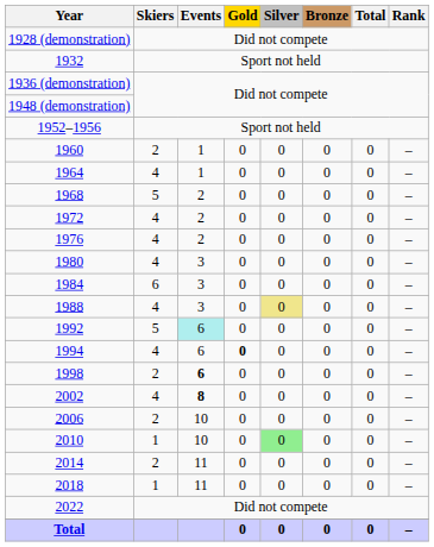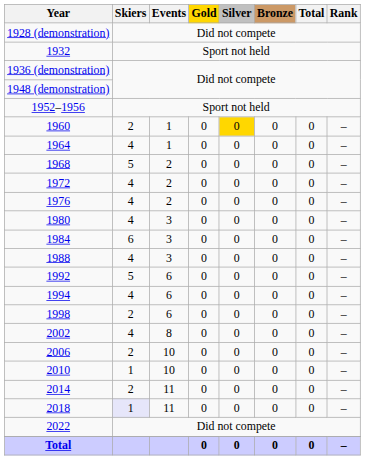 <table class="wikitable sortable collapsible collapsed">
 <tr>
 <th>Year</th>
 <th>Skiers</th>
 <th>Events</th>
 <th style="text-align:center; background-color:gold;"><strong>Gold</strong></th>
 <th style="text-align:center; background-color:silver;"><strong>Silver</strong></th>
 <th style="text-align:center; background-color:#c96;"><strong>Bronze</strong></th>
 <th>Total</th>
 <th>Rank</th>
 </tr>
 <tr style="text-align:center">
 <td><a href='#'>1928 (demonstration)</a></td>
 <td colspan=7>Did not compete</td>
 </tr>
 <tr style="text-align:center">
 <td><a href='#'>1932</a></td>
 <td colspan=7>Sport not held</td>
 </tr>
 <tr style="text-align:center">
 <td><a href='#'>1936 (demonstration)</a></td>
 <td colspan=7 rowspan=2>Did not compete</td>
 </tr>
 <tr style="text-align:center">
 <td><a href='#'>1948 (demonstration)</a></td>
 </tr>
 <tr style="text-align:center">
 <td><a href='#'>1952</a>–<a href='#'>1956</a></td>
 <td colspan=7>Sport not held</td>
 </tr>
 <tr style="text-align:center">
 <td><a href='#'>1960</a></td>
 <td>2</td>
 <td>1</td>
 <td>0</td>
-<td>0</td>
+<td style="background: gold;">0</td>
 <td>0</td>
 <td>0</td>
 <td>–</td>
 </tr>
 <tr style="text-align:center">
 <td><a href='#'>1964</a></td>
 <td>4</td>
 <td>1</td>
 <td>0</td>
 <td>0</td>
 <td>0</td>
 <td>0</td>
 <td>–</td>
 </tr>
 <tr style="text-align:center">
 <td><a href='#'>1968</a></td>
 <td>5</td>
 <td>2</td>
 <td>0</td>
 <td>0</td>
 <td>0</td>
 <td>0</td>
 <td>–</td>
 </tr>
 <tr style="text-align:center">
 <td><a href='#'>1972</a></td>
 <td>4</td>
 <td>2</td>
 <td>0</td>
 <td>0</td>
 <td>0</td>
 <td>0</td>
 <td>–</td>
 </tr>
 <tr style="text-align:center">
 <td><a href='#'>1976</a></td>
 <td>4</td>
 <td>2</td>
 <td>0</td>
 <td>0</td>
 <td>0</td>
 <td>0</td>
 <td>–</td>
 </tr>
 <tr style="text-align:center">
 <td><a href='#'>1980</a></td>
 <td>4</td>
 <td>3</td>
 <td>0</td>
 <td>0</td>
 <td>0</td>
 <td>0</td>
 <td>–</td>
 </tr>
 <tr style="text-align:center">
 <td><a href='#'>1984</a></td>
 <td>6</td>
 <td>3</td>
 <td>0</td>
 <td>0</td>
 <td>0</td>
 <td>0</td>
 <td>–</td>
 </tr>
 <tr style="text-align:center">
 <td><a href='#'>1988</a></td>
 <td>4</td>
 <td>3</td>
 <td>0</td>
-<td style="background: khaki;">0</td>
+<td>0</td>
 <td>0</td>
 <td>0</td>
 <td>–</td>
 </tr>
 <tr style="text-align:center">
 <td><a href='#'>1992</a></td>
 <td>5</td>
-<td style="background: paleturquoise;">6</td>
+<td>6</td>
 <td>0</td>
 <td>0</td>
 <td>0</td>
 <td>0</td>
 <td>–</td>
 </tr>
 <tr style="text-align:center">
 <td><a href='#'>1994</a></td>
 <td>4</td>
 <td>6</td>
-<td><strong>0</strong></td>
+<td>0</td>
 <td>0</td>
 <td>0</td>
 <td>0</td>
 <td>–</td>
 </tr>
 <tr style="text-align:center">
 <td><a href='#'>1998</a></td>
 <td>2</td>
-<td><strong>6</strong></td>
+<td>6</td>
 <td>0</td>
 <td>0</td>
 <td>0</td>
 <td>0</td>
 <td>–</td>
 </tr>
 <tr style="text-align:center">
 <td><a href='#'>2002</a></td>
 <td>4</td>
-<td><strong>8</strong></td>
+<td>8</td>
 <td>0</td>
 <td>0</td>
 <td>0</td>
 <td>0</td>
 <td>–</td>
 </tr>
 <tr style="text-align:center">
 <td><a href='#'>2006</a></td>
 <td>2</td>
 <td>10</td>
 <td>0</td>
 <td>0</td>
 <td>0</td>
 <td>0</td>
 <td>–</td>
 </tr>
 <tr style="text-align:center">
 <td><a href='#'>2010</a></td>
 <td>1</td>
 <td>10</td>
 <td>0</td>
-<td style="background: lightgreen;">0</td>
+<td>0</td>
 <td>0</td>
 <td>0</td>
 <td>–</td>
 </tr>
 <tr style="text-align:center">
 <td><a href='#'>2014</a></td>
 <td>2</td>
 <td>11</td>
 <td>0</td>
 <td>0</td>
 <td>0</td>
 <td>0</td>
 <td>–</td>
 </tr>
 <tr style="text-align:center">
 <td><a href='#'>2018</a></td>
-<td>1</td>
+<td style="background: lavender;">1</td>
 <td>11</td>
 <td>0</td>
 <td>0</td>
 <td>0</td>
 <td>0</td>
 <td>–</td>
 </tr>
 <tr style="text-align:center">
 <td><a href='#'>2022</a></td>
 <td colspan=7 rowspan=1>Did not compete</td>
 </tr>
 <tr>
 </tr>
 <tr style="text-align:center; background-color:#ccf;">
 <td><strong><a href='#'>Total</a></strong></td>
 <td></td>
 <td></td>
 <td><strong>0</strong></td>
 <td><strong>0</strong></td>
 <td><strong>0</strong></td>
 <td><strong>0</strong></td>
 <td><strong>–</strong></td>
 </tr>
 </table>
